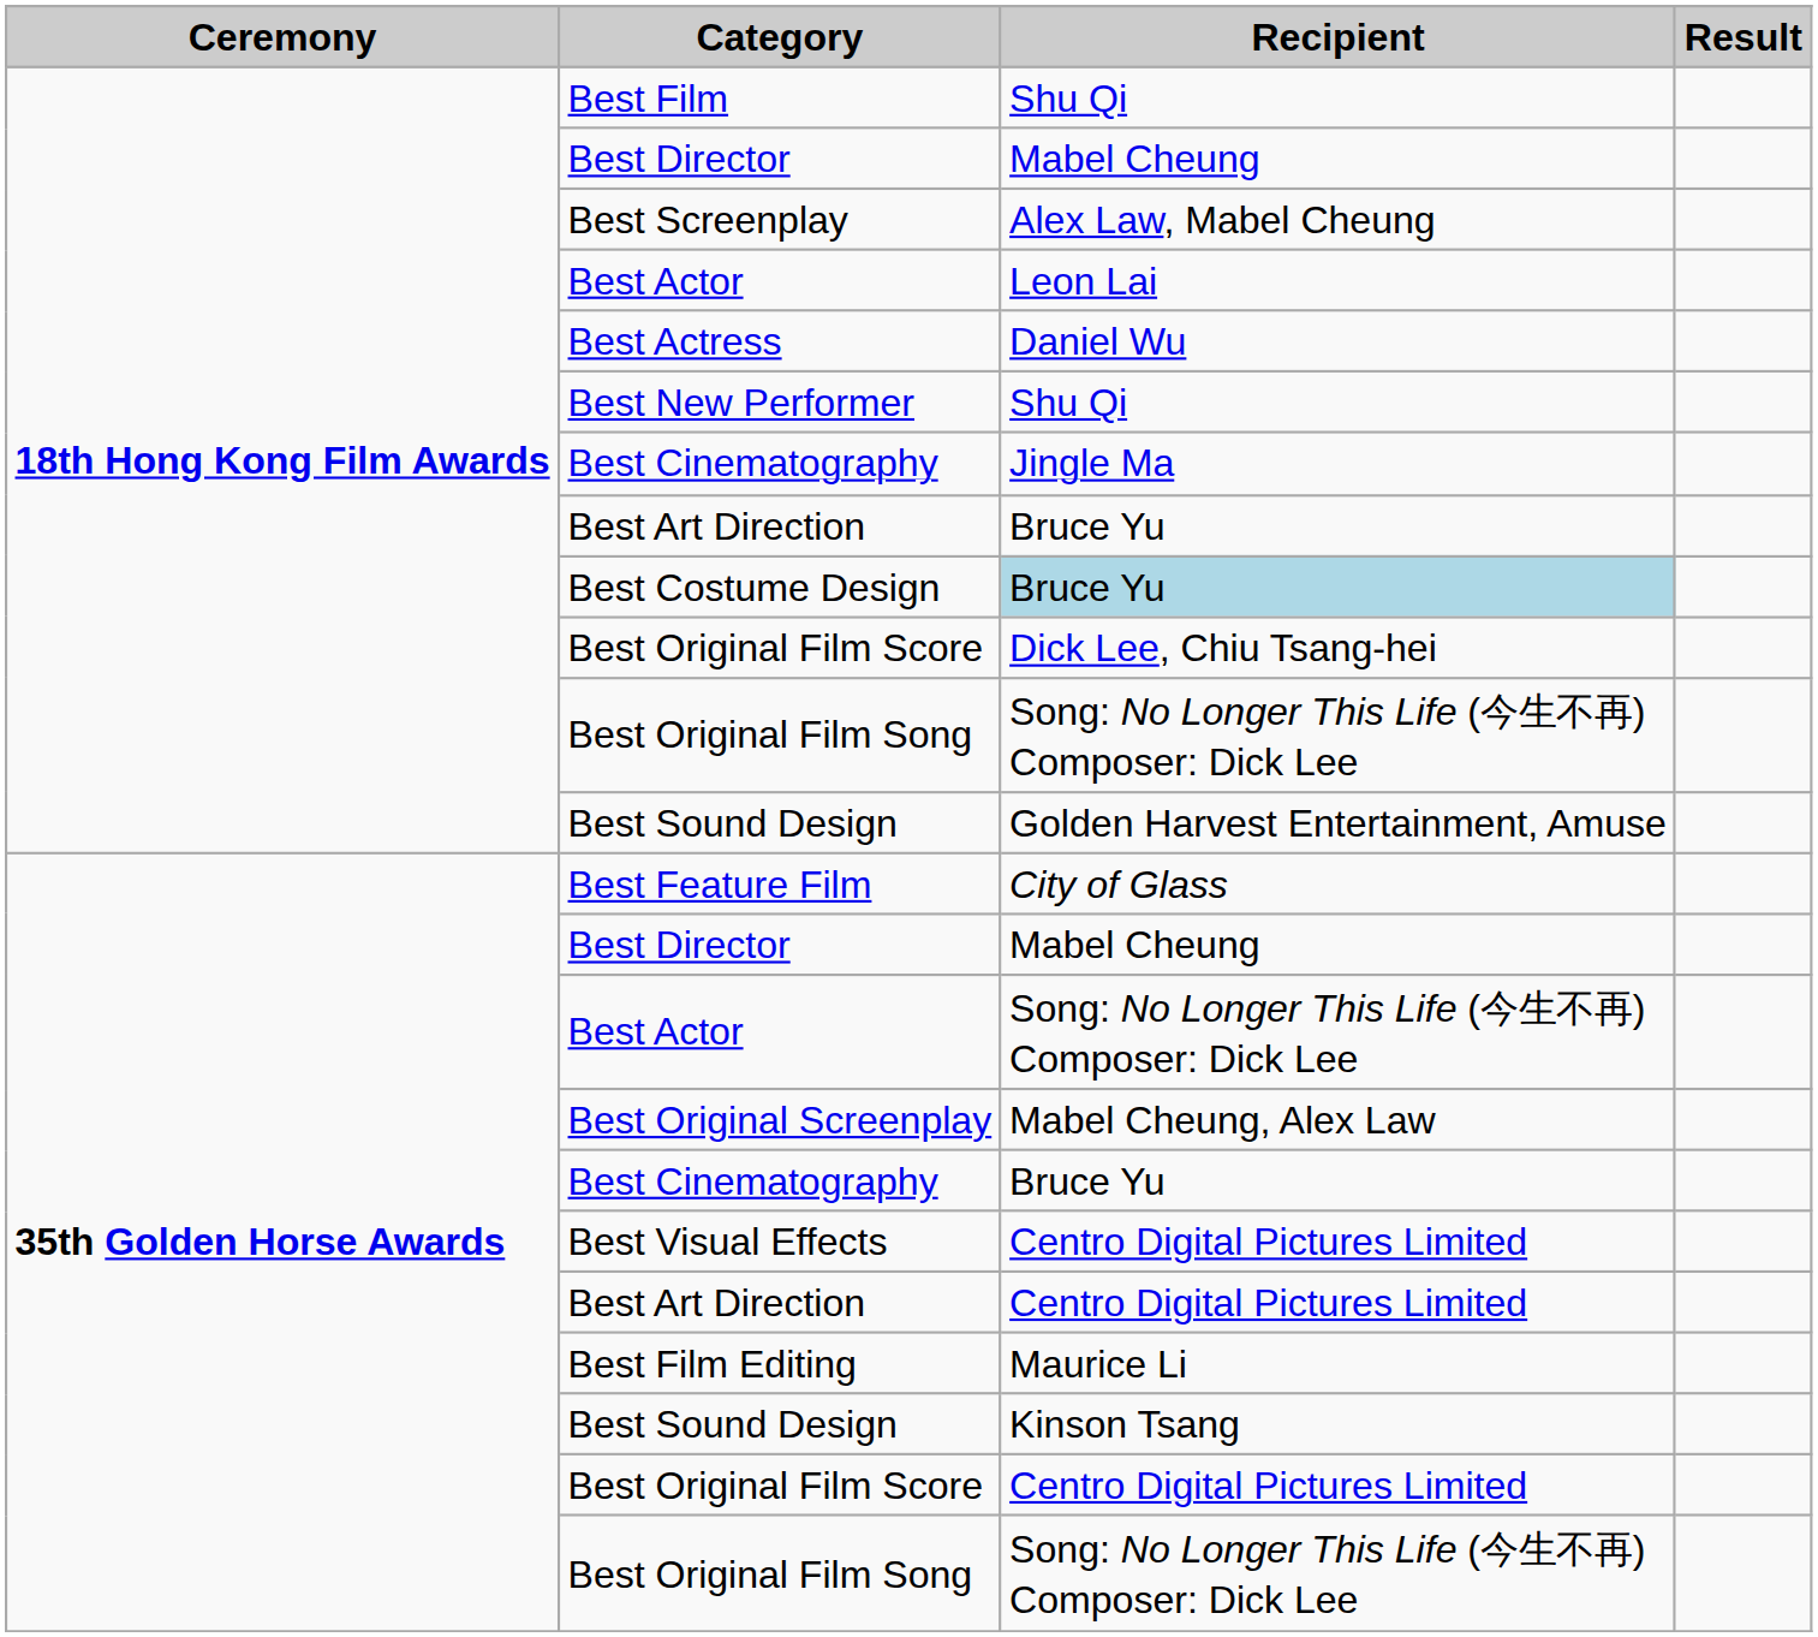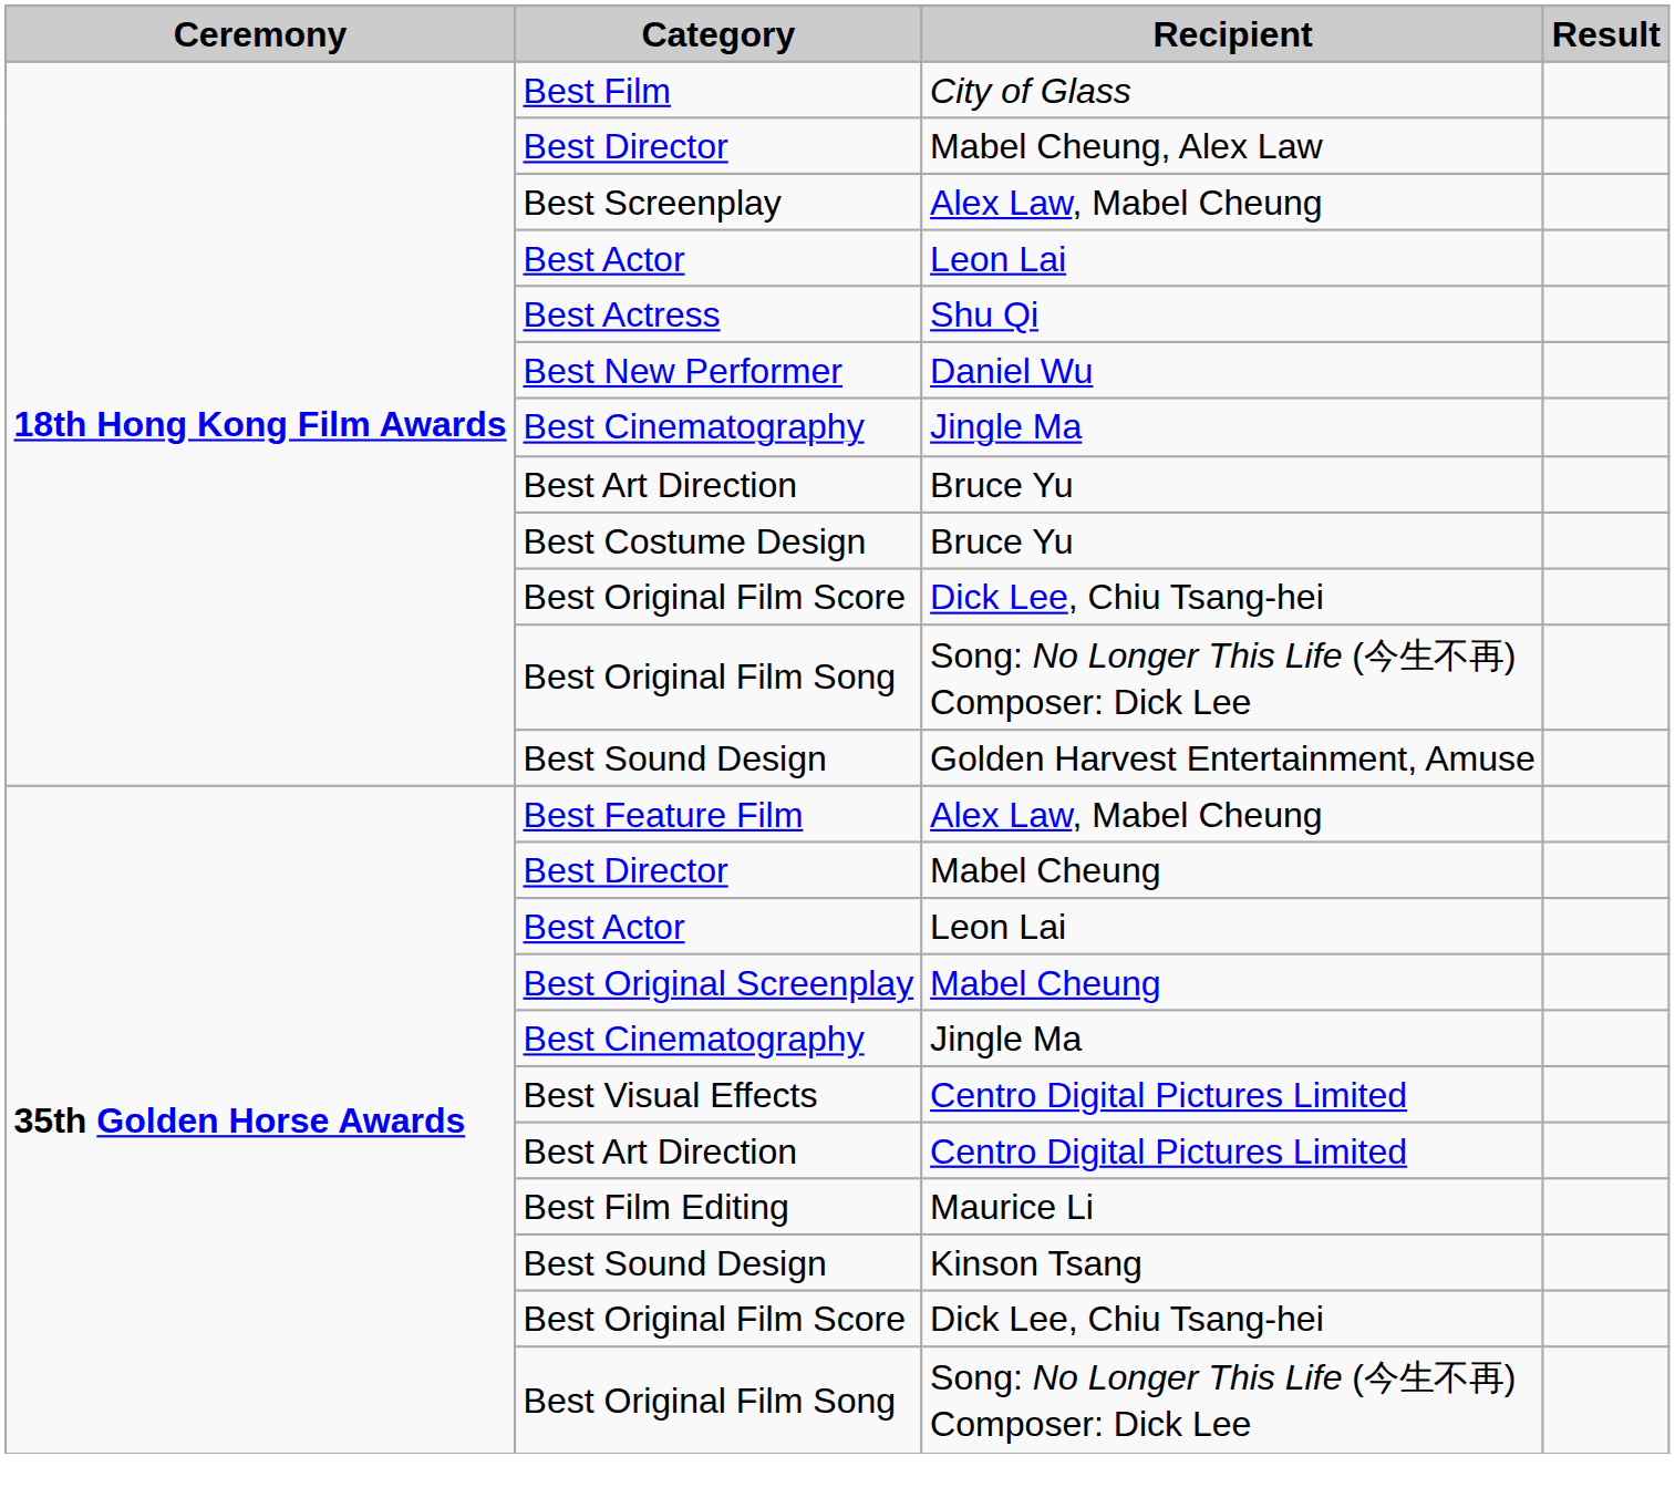 <table class="wikitable" style="font-size:95%;" ;>
 <tr>
 </tr>
 <tr style="background:#ccc; text-align:center;">
 <th style="background:#ccc">Ceremony</th>
 <th style="background:#ccc">Category</th>
 <th style="background:#ccc">Recipient</th>
 <th style="background:#ccc">Result</th>
 </tr>
 <tr>
 <td rowspan=12><strong><a href='#'>18th Hong Kong Film Awards</a></strong></td>
 <td><a href='#'>Best Film</a></td>
-<td><a href='#'>Shu Qi</a></td>
+<td><em>City of Glass</em></td>
 <td></td>
 </tr>
 <tr>
 <td><a href='#'>Best Director</a></td>
-<td><a href='#'>Mabel Cheung</a></td>
+<td>Mabel Cheung, Alex Law</td>
 <td></td>
 </tr>
 <tr>
 <td>Best Screenplay</td>
 <td><a href='#'>Alex Law</a>, Mabel Cheung</td>
 <td></td>
 </tr>
 <tr>
 <td><a href='#'>Best Actor</a></td>
 <td><a href='#'>Leon Lai</a></td>
 <td></td>
 </tr>
 <tr>
 <td><a href='#'>Best Actress</a></td>
-<td><a href='#'>Daniel Wu</a></td>
+<td><a href='#'>Shu Qi</a></td>
 <td></td>
 </tr>
 <tr>
 <td><a href='#'>Best New Performer</a></td>
-<td><a href='#'>Shu Qi</a></td>
+<td><a href='#'>Daniel Wu</a></td>
 <td></td>
 </tr>
 <tr>
 <td><a href='#'>Best Cinematography</a></td>
 <td><a href='#'>Jingle Ma</a></td>
 <td></td>
 </tr>
 <tr>
 <td>Best Art Direction</td>
 <td>Bruce Yu</td>
 <td></td>
 </tr>
 <tr>
 <td>Best Costume Design</td>
-<td style="background: lightblue;">Bruce Yu</td>
+<td>Bruce Yu</td>
 <td></td>
 </tr>
 <tr>
 <td>Best Original Film Score</td>
 <td><a href='#'>Dick Lee</a>, Chiu Tsang-hei</td>
 <td></td>
 </tr>
 <tr>
 <td>Best Original Film Song</td>
 <td>Song: <em>No Longer This Life</em> (今生不再)<br>Composer: Dick Lee</td>
 <td></td>
 </tr>
 <tr>
 <td>Best Sound Design</td>
 <td>Golden Harvest Entertainment, Amuse</td>
 <td></td>
 </tr>
 <tr>
 <td rowspan=11><strong>35th <a href='#'>Golden Horse Awards</a></strong></td>
 <td><a href='#'>Best Feature Film</a></td>
-<td><em>City of Glass</em></td>
+<td><a href='#'>Alex Law</a>, Mabel Cheung</td>
 <td></td>
 </tr>
 <tr>
 <td><a href='#'>Best Director</a></td>
 <td>Mabel Cheung</td>
 <td></td>
 </tr>
 <tr>
 <td><a href='#'>Best Actor</a></td>
-<td>Song: <em>No Longer This Life</em> (今生不再)<br>Composer: Dick Lee</td>
+<td>Leon Lai</td>
 <td></td>
 </tr>
 <tr>
 <td><a href='#'>Best Original Screenplay</a></td>
-<td>Mabel Cheung, Alex Law</td>
+<td><a href='#'>Mabel Cheung</a></td>
 <td></td>
 </tr>
 <tr>
 <td><a href='#'>Best Cinematography</a></td>
-<td>Bruce Yu</td>
+<td>Jingle Ma</td>
 <td></td>
 </tr>
 <tr>
 <td>Best Visual Effects</td>
 <td><a href='#'>Centro Digital Pictures Limited</a></td>
 <td></td>
 </tr>
 <tr>
 <td>Best Art Direction</td>
 <td><a href='#'>Centro Digital Pictures Limited</a></td>
 <td></td>
 </tr>
 <tr>
 <td>Best Film Editing</td>
 <td>Maurice Li</td>
 <td></td>
 </tr>
 <tr>
 <td>Best Sound Design</td>
 <td>Kinson Tsang</td>
 <td></td>
 </tr>
 <tr>
 <td>Best Original Film Score</td>
-<td><a href='#'>Centro Digital Pictures Limited</a></td>
+<td>Dick Lee, Chiu Tsang-hei</td>
 <td></td>
 </tr>
 <tr>
 <td>Best Original Film Song</td>
 <td>Song: <em>No Longer This Life</em> (今生不再)<br>Composer: Dick Lee</td>
 <td></td>
 </tr>
 <tr>
 </tr>
 </table>
